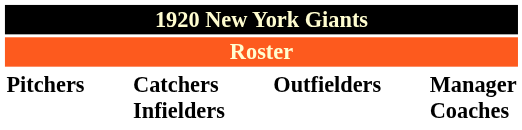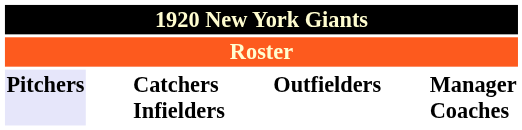 <table class="toccolours" style="font-size: 95%;">
 <tr>
 <th colspan="10" style="background-color: black; color: #FFFDD0; text-align: center;">1920 New York Giants</th>
 </tr>
 <tr>
 <td colspan="10" style="background-color: #fd5a1e; color: #FFFDD0; text-align: center;"><strong>Roster</strong></td>
 </tr>
 <tr>
-<td valign="top"><strong>Pitchers</strong><br>                      </td>
+<td valign="top" style="background: lavender;"><strong>Pitchers</strong><br>                      </td>
 <td width="25px"></td>
 <td valign="top"><strong>Catchers</strong><br>      <strong>Infielders</strong>               </td>
 <td width="25px"></td>
 <td valign="top"><strong>Outfielders</strong><br>               </td>
 <td width="25px"></td>
 <td valign="top"><strong>Manager</strong><br> <strong>Coaches</strong>  </td>
 </tr>
 </table>
